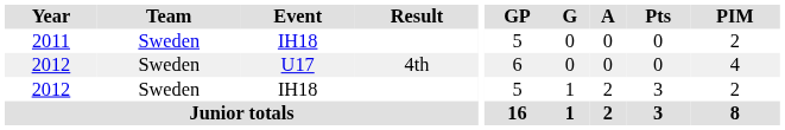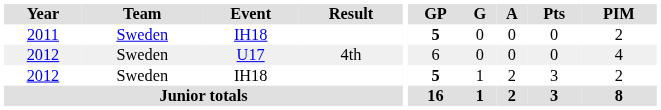 <table border="0" cellpadding="1" cellspacing="0" ID="Table3" style="text-align:center; width:40em">
 <tr ALIGN="center" bgcolor="#e0e0e0">
 <th>Year</th>
 <th>Team</th>
 <th>Event</th>
 <th>Result</th>
 <th rowspan="99" bgcolor="#ffffff"></th>
 <th>GP</th>
 <th>G</th>
 <th>A</th>
 <th>Pts</th>
 <th>PIM</th>
 </tr>
 <tr>
 <td><a href='#'>2011</a></td>
 <td><a href='#'>Sweden</a></td>
 <td><a href='#'>IH18</a></td>
 <td></td>
-<td>5</td>
+<td><strong>5</strong></td>
 <td>0</td>
 <td>0</td>
 <td>0</td>
 <td>2</td>
 </tr>
 <tr bgcolor="#f0f0f0">
 <td><a href='#'>2012</a></td>
 <td>Sweden</td>
 <td><a href='#'>U17</a></td>
 <td>4th</td>
 <td>6</td>
 <td>0</td>
 <td>0</td>
 <td>0</td>
 <td>4</td>
 </tr>
 <tr>
 <td><a href='#'>2012</a></td>
 <td>Sweden</td>
 <td>IH18</td>
 <td></td>
-<td>5</td>
+<td><strong>5</strong></td>
 <td>1</td>
 <td>2</td>
 <td>3</td>
 <td>2</td>
 </tr>
 <tr bgcolor="#e0e0e0">
 <th colspan="4">Junior totals</th>
 <th>16</th>
 <th>1</th>
 <th>2</th>
 <th>3</th>
 <th>8</th>
 </tr>
 </table>
